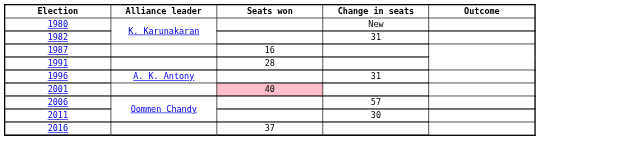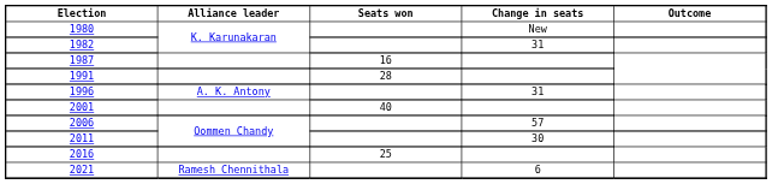 <table class="sortable" style="border-collapse: collapse; border: 2px #000000 solid; font-size: x-big; width="70%" cellspacing="0" cellpadding="2" border="1">
 <tr>
 <th style="width:15%;" Style="background-color:">Election</th>
 <th style="width:15%;" Style="background-color:">Alliance leader</th>
 <th style="width:15%;" Style="background-color:">Seats won</th>
 <th style="width:15%;" Style="background-color:">Change in seats</th>
 <th style="width:15%;" Style="background-color:">Outcome</th>
 </tr>
 <tr style="text-align:center;">
 <td><a href='#'>1980</a></td>
 <td rowspan="4"><a href='#'>K. Karunakaran</a></td>
 <td></td>
 <td>New</td>
 <td></td>
 </tr>
 <tr>
 </tr>
 <tr style="text-align:center">
 <td><a href='#'>1982</a></td>
 <td></td>
 <td> 31</td>
 <td></td>
 </tr>
 <tr>
 </tr>
 <tr style="text-align:center">
 <td><a href='#'>1987</a></td>
 <td></td>
 <td> 16</td>
 <td></td>
 </tr>
 <tr>
 </tr>
 <tr style="text-align:center">
 <td><a href='#'>1991</a></td>
 <td></td>
 <td> 28</td>
 <td></td>
 </tr>
 <tr>
 </tr>
 <tr style="text-align:center">
 <td><a href='#'>1996</a></td>
 <td rowspan=2><a href='#'>A. K. Antony</a></td>
 <td></td>
 <td> 31</td>
 <td></td>
 </tr>
 <tr>
 </tr>
 <tr style="text-align:center">
 <td><a href='#'>2001</a></td>
 <td></td>
-<td style="background: pink;"> 40</td>
+<td> 40</td>
 <td></td>
 </tr>
 <tr>
 </tr>
 <tr style="text-align:center">
 <td><a href='#'>2006</a></td>
 <td rowspan=3><a href='#'>Oommen Chandy</a></td>
 <td></td>
 <td> 57</td>
 <td></td>
 </tr>
 <tr>
 </tr>
 <tr style="text-align:center">
 <td><a href='#'>2011</a></td>
 <td></td>
 <td> 30</td>
 <td></td>
 </tr>
 <tr>
 </tr>
 <tr style="text-align:center">
 <td><a href='#'>2016</a></td>
 <td></td>
-<td> 37</td>
+<td> 25</td>
+<td></td>
+</tr>
+<tr style="text-align:center">
+<td><a href='#'>2021</a></td>
+<td><a href='#'>Ramesh Chennithala</a></td>
+<td></td>
+<td> 6</td>
 <td></td>
 </tr>
 <tr>
 </tr>
 </table>
